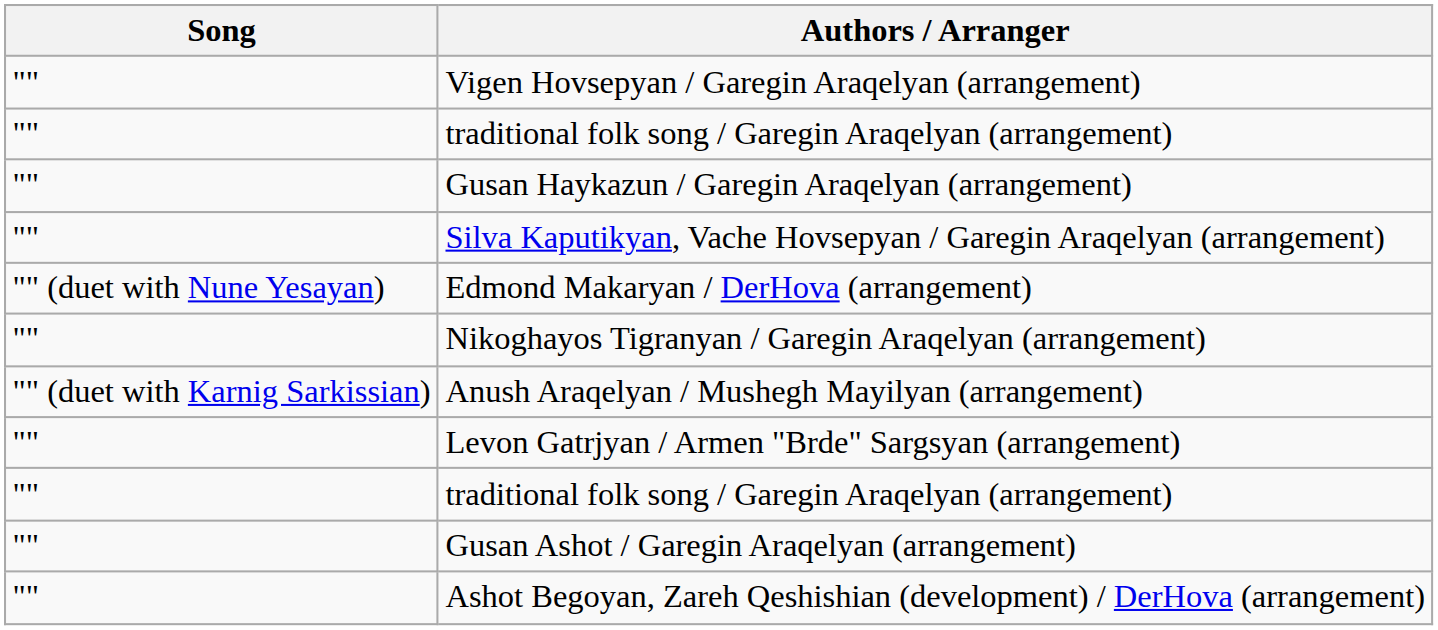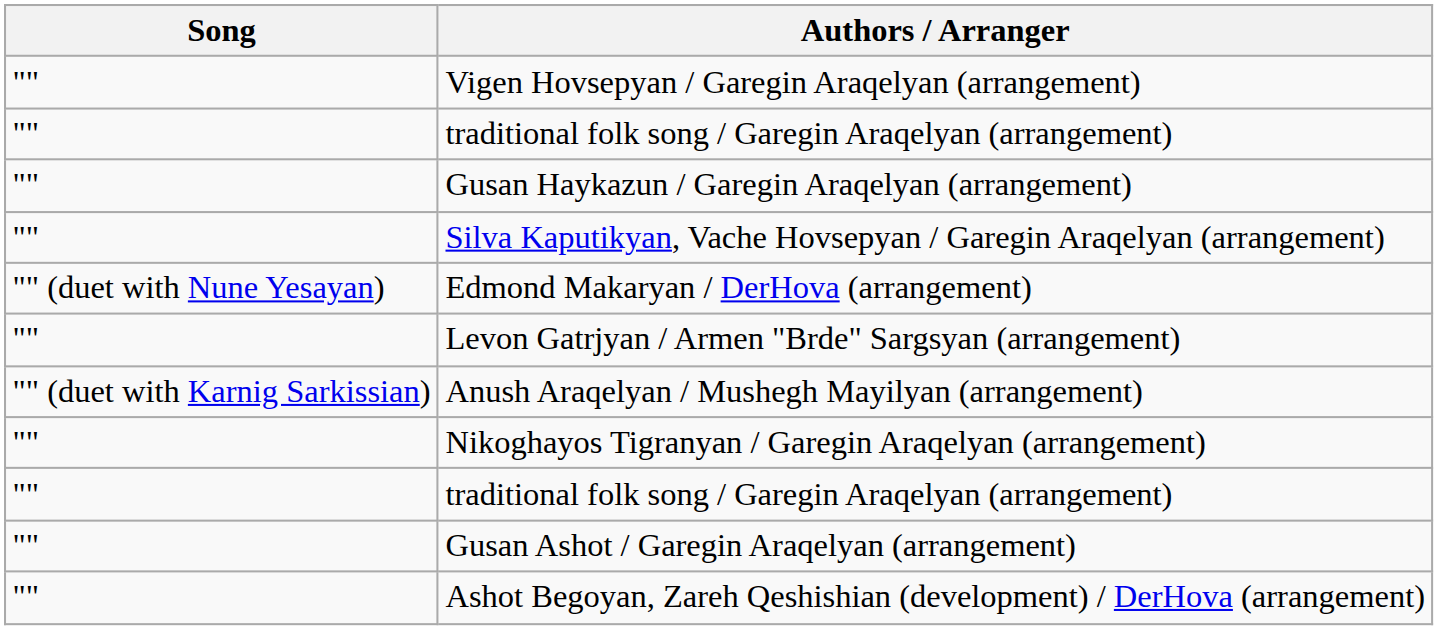 <table class="wikitable">
 <tr>
 <th>Song</th>
 <th>Authors / Arranger</th>
 </tr>
 <tr>
 <td>""</td>
 <td>Vigen Hovsepyan / Garegin Araqelyan (arrangement)</td>
 </tr>
 <tr>
 <td>""</td>
 <td>traditional folk song / Garegin Araqelyan (arrangement)</td>
 </tr>
 <tr>
 <td>""</td>
 <td>Gusan Haykazun / Garegin Araqelyan (arrangement)</td>
 </tr>
 <tr>
 <td>""</td>
 <td><a href='#'>Silva Kaputikyan</a>, Vache Hovsepyan / Garegin Araqelyan (arrangement)</td>
 </tr>
 <tr>
 <td>"" (duet with <a href='#'>Nune Yesayan</a>)</td>
 <td>Edmond Makaryan / <a href='#'>DerHova</a> (arrangement)</td>
 </tr>
 <tr>
 <td>""</td>
-<td>Nikoghayos Tigranyan / Garegin Araqelyan (arrangement)</td>
+<td>Levon Gatrjyan / Armen "Brde" Sargsyan (arrangement)</td>
 </tr>
 <tr>
 <td>"" (duet with <a href='#'>Karnig Sarkissian</a>)</td>
 <td>Anush Araqelyan / Mushegh Mayilyan (arrangement)</td>
 </tr>
 <tr>
 <td>""</td>
-<td>Levon Gatrjyan / Armen "Brde" Sargsyan (arrangement)</td>
+<td>Nikoghayos Tigranyan / Garegin Araqelyan (arrangement)</td>
 </tr>
 <tr>
 <td>""</td>
 <td>traditional folk song / Garegin Araqelyan (arrangement)</td>
 </tr>
 <tr>
 <td>""</td>
 <td>Gusan Ashot / Garegin Araqelyan (arrangement)</td>
 </tr>
 <tr>
 <td>""</td>
 <td>Ashot Begoyan, Zareh Qeshishian (development) / <a href='#'>DerHova</a> (arrangement)</td>
 </tr>
 </table>
